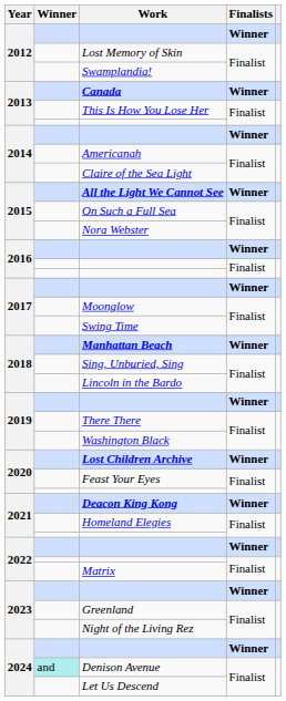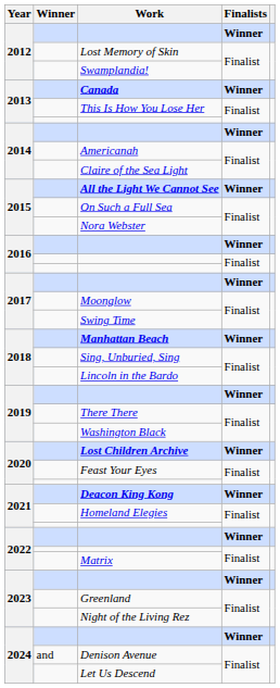 <table class="wikitable sortable plainrowheaders">
 <tr>
 <th scope="col">Year</th>
 <th scope="col">Winner</th>
 <th scope="col">Work</th>
 <th scope="col" class="unsortable">Finalists</th>
 <th scope="col" class="unsortable"></th>
 </tr>
 <tr style="background:#cddeff">
 <th rowspan="3" scope="row" style="text-align:center;"><strong>2012</strong></th>
 <td><strong></strong></td>
 <td><strong></strong></td>
 <td><strong>Winner</strong></td>
 <td></td>
 </tr>
 <tr>
 <td></td>
 <td><em>Lost Memory of Skin</em></td>
 <td rowspan="2">Finalist</td>
 <td rowspan="2"></td>
 </tr>
 <tr>
 <td></td>
 <td><em><a href='#'>Swamplandia!</a></em></td>
 </tr>
 <tr style="background:#cddeff">
 <th rowspan="3" scope="row" style="text-align:center;"><strong>2013</strong></th>
 <td><strong></strong></td>
 <td><em><a href='#'><strong>Canada</strong></a></em></td>
 <td><strong>Winner</strong></td>
 <td></td>
 </tr>
 <tr>
 <td></td>
 <td><em><a href='#'>This Is How You Lose Her</a></em></td>
 <td rowspan="2">Finalist</td>
 <td rowspan="2"></td>
 </tr>
 <tr>
 <td></td>
 <td></td>
 </tr>
 <tr style="background:#cddeff">
 <th rowspan="3" style="text-align:center;">2014</th>
 <td><strong></strong></td>
 <td><strong></strong></td>
 <td><strong>Winner</strong></td>
 <td></td>
 </tr>
 <tr>
 <td></td>
 <td><em><a href='#'>Americanah</a></em></td>
 <td rowspan="2">Finalist</td>
 <td rowspan="2"></td>
 </tr>
 <tr>
 <td></td>
 <td><em><a href='#'>Claire of the Sea Light</a></em></td>
 </tr>
 <tr style="background:#cddeff">
 <th rowspan="3" style="text-align:center;">2015</th>
 <td><strong></strong></td>
 <td><strong><em><a href='#'>All the Light We Cannot See</a></em></strong></td>
 <td><strong>Winner</strong></td>
 <td></td>
 </tr>
 <tr>
 <td></td>
 <td><em><a href='#'>On Such a Full Sea</a></em></td>
 <td rowspan="2">Finalist</td>
 <td rowspan="2"></td>
 </tr>
 <tr>
 <td></td>
 <td><em><a href='#'>Nora Webster</a></em></td>
 </tr>
 <tr style="background:#cddeff">
 <th rowspan="3" style="text-align:center;">2016</th>
 <td><strong></strong></td>
 <td><strong></strong></td>
 <td><strong>Winner</strong></td>
 <td></td>
 </tr>
 <tr>
 <td></td>
 <td></td>
 <td rowspan="2">Finalist</td>
 <td rowspan="2"></td>
 </tr>
 <tr>
 <td></td>
 <td></td>
 </tr>
 <tr style="background:#cddeff">
 <th rowspan="3">2017</th>
 <td><strong></strong></td>
 <td><strong></strong></td>
 <td><strong>Winner</strong></td>
 <td></td>
 </tr>
 <tr>
 <td></td>
 <td><em><a href='#'>Moonglow</a></em></td>
 <td rowspan="2">Finalist</td>
 <td rowspan="2"></td>
 </tr>
 <tr>
 <td></td>
 <td><em><a href='#'>Swing Time</a></em></td>
 </tr>
 <tr style="background:#cddeff">
 <th rowspan="3">2018</th>
 <td><strong></strong></td>
 <td><em><a href='#'><strong>Manhattan Beach</strong></a></em></td>
 <td><strong>Winner</strong></td>
 <td></td>
 </tr>
 <tr>
 <td></td>
 <td><em><a href='#'>Sing, Unburied, Sing</a></em></td>
 <td rowspan="2">Finalist</td>
 <td rowspan="2"></td>
 </tr>
 <tr>
 <td></td>
 <td><em><a href='#'>Lincoln in the Bardo</a></em></td>
 </tr>
 <tr style="background:#cddeff">
 <th rowspan="3">2019</th>
 <td><strong></strong></td>
 <td><strong></strong></td>
 <td><strong>Winner</strong></td>
 <td></td>
 </tr>
 <tr>
 <td></td>
 <td><em><a href='#'>There There</a></em></td>
 <td rowspan="2">Finalist</td>
 <td rowspan="2"></td>
 </tr>
 <tr>
 <td></td>
 <td><em><a href='#'>Washington Black</a></em></td>
 </tr>
 <tr style="background:#cddeff">
 <th rowspan="3">2020</th>
 <td><strong></strong></td>
 <td><strong><em><a href='#'>Lost Children Archive</a></em></strong></td>
 <td><strong>Winner</strong></td>
 <td></td>
 </tr>
 <tr>
 <td></td>
 <td><em>Feast Your Eyes</em></td>
 <td rowspan="2">Finalist</td>
 <td rowspan="2"></td>
 </tr>
 <tr>
 <td></td>
 <td></td>
 </tr>
 <tr style="background:#cddeff">
 <th rowspan="3">2021</th>
 <td><strong></strong></td>
 <td><strong><em><a href='#'>Deacon King Kong</a></em></strong></td>
 <td><strong>Winner</strong></td>
 <td></td>
 </tr>
 <tr>
 <td></td>
 <td><em><a href='#'>Homeland Elegies</a></em></td>
 <td rowspan="2">Finalist</td>
 <td rowspan="2"></td>
 </tr>
 <tr>
 <td></td>
 <td></td>
 </tr>
 <tr style="background:#cddeff">
 <th rowspan="3">2022</th>
 <td><strong></strong></td>
 <td><strong></strong></td>
 <td><strong>Winner</strong></td>
 <td></td>
 </tr>
 <tr>
 <td></td>
 <td></td>
 <td rowspan="2">Finalist</td>
 <td rowspan="2"></td>
 </tr>
 <tr>
 <td></td>
 <td><em><a href='#'>Matrix</a></em></td>
 </tr>
 <tr style="background:#cddeff">
 <th rowspan="3">2023</th>
 <td><strong></strong></td>
 <td><strong></strong></td>
 <td><strong>Winner</strong></td>
 <td></td>
 </tr>
 <tr>
 <td></td>
 <td><em>Greenland</em></td>
 <td rowspan="2">Finalist</td>
 <td rowspan="2"></td>
 </tr>
 <tr>
 <td></td>
 <td><em>Night of the Living Rez</em></td>
 </tr>
 <tr style="background:#cddeff">
 <th rowspan="3">2024</th>
 <td><strong></strong></td>
 <td><strong></strong></td>
 <td><strong>Winner</strong></td>
 <td></td>
 </tr>
 <tr>
-<td style="background: paleturquoise;"> and </td>
+<td> and </td>
 <td><em>Denison Avenue</em></td>
 <td rowspan="2">Finalist</td>
 <td rowspan="2"></td>
 </tr>
 <tr>
 <td></td>
 <td><em>Let Us Descend</em></td>
 </tr>
 </table>
